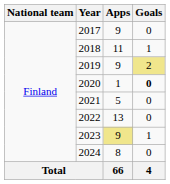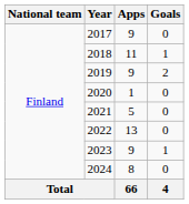 <table class="wikitable" style="text-align:center">
 <tr>
 <th>National team</th>
 <th>Year</th>
 <th>Apps</th>
 <th>Goals</th>
 </tr>
 <tr>
 <td rowspan="8"><a href='#'>Finland</a></td>
 <td>2017</td>
 <td>9</td>
 <td>0</td>
 </tr>
 <tr>
 <td>2018</td>
 <td>11</td>
 <td>1</td>
 </tr>
 <tr>
 <td>2019</td>
 <td>9</td>
-<td style="background: khaki;">2</td>
+<td>2</td>
 </tr>
 <tr>
 <td>2020</td>
 <td>1</td>
-<td><strong>0</strong></td>
+<td>0</td>
 </tr>
 <tr>
 <td>2021</td>
 <td>5</td>
 <td>0</td>
 </tr>
 <tr>
 <td>2022</td>
 <td>13</td>
 <td>0</td>
 </tr>
 <tr>
 <td>2023</td>
-<td style="background: khaki;">9</td>
+<td>9</td>
 <td>1</td>
 </tr>
 <tr>
 <td>2024</td>
 <td>8</td>
 <td>0</td>
 </tr>
 <tr>
 <th colspan="2">Total</th>
 <th>66</th>
 <th>4</th>
 </tr>
 </table>
